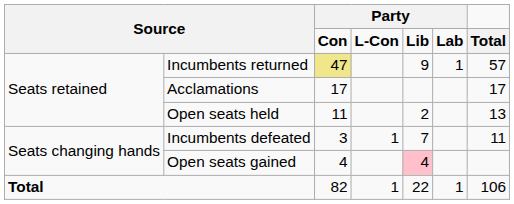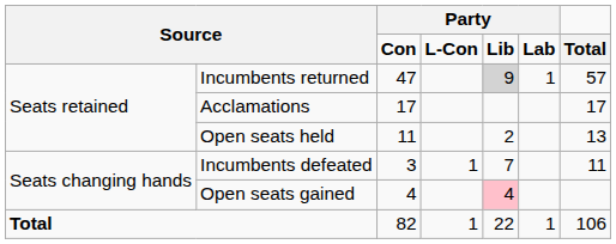 <table class="wikitable" style="text-align:right;">
 <tr>
 <th colspan="2" rowspan="2">Source</th>
 <th colspan="4">Party</th>
 </tr>
 <tr>
 <td><strong>Con</strong></td>
 <td><strong>L-Con</strong></td>
 <td><strong>Lib</strong></td>
 <td><strong>Lab</strong></td>
 <th>Total</th>
 </tr>
 <tr>
 <td rowspan="3" style="text-align:left;">Seats retained</td>
 <td style="text-align:left;">Incumbents returned</td>
-<td style="background: khaki;">47</td>
+<td>47</td>
 <td></td>
-<td>9</td>
+<td style="background: lightgrey;">9</td>
 <td>1</td>
 <td>57</td>
 </tr>
 <tr>
 <td style="text-align:left;">Acclamations</td>
 <td>17</td>
 <td></td>
 <td></td>
 <td></td>
 <td>17</td>
 </tr>
 <tr>
 <td style="text-align:left;">Open seats held</td>
 <td>11</td>
 <td></td>
 <td>2</td>
 <td></td>
 <td>13</td>
 </tr>
 <tr>
 <td rowspan="2" style="text-align:left;">Seats changing hands</td>
 <td style="text-align:left;">Incumbents defeated</td>
 <td>3</td>
 <td>1</td>
 <td>7</td>
 <td></td>
 <td>11</td>
 </tr>
 <tr>
 <td style="text-align:left;">Open seats gained</td>
 <td>4</td>
 <td></td>
 <td style="background: pink;">4</td>
 <td></td>
 <td></td>
 </tr>
 <tr>
 <td colspan="2" style="text-align:left;"><strong>Total</strong></td>
 <td>82</td>
 <td>1</td>
 <td>22</td>
 <td>1</td>
 <td>106</td>
 </tr>
 </table>
